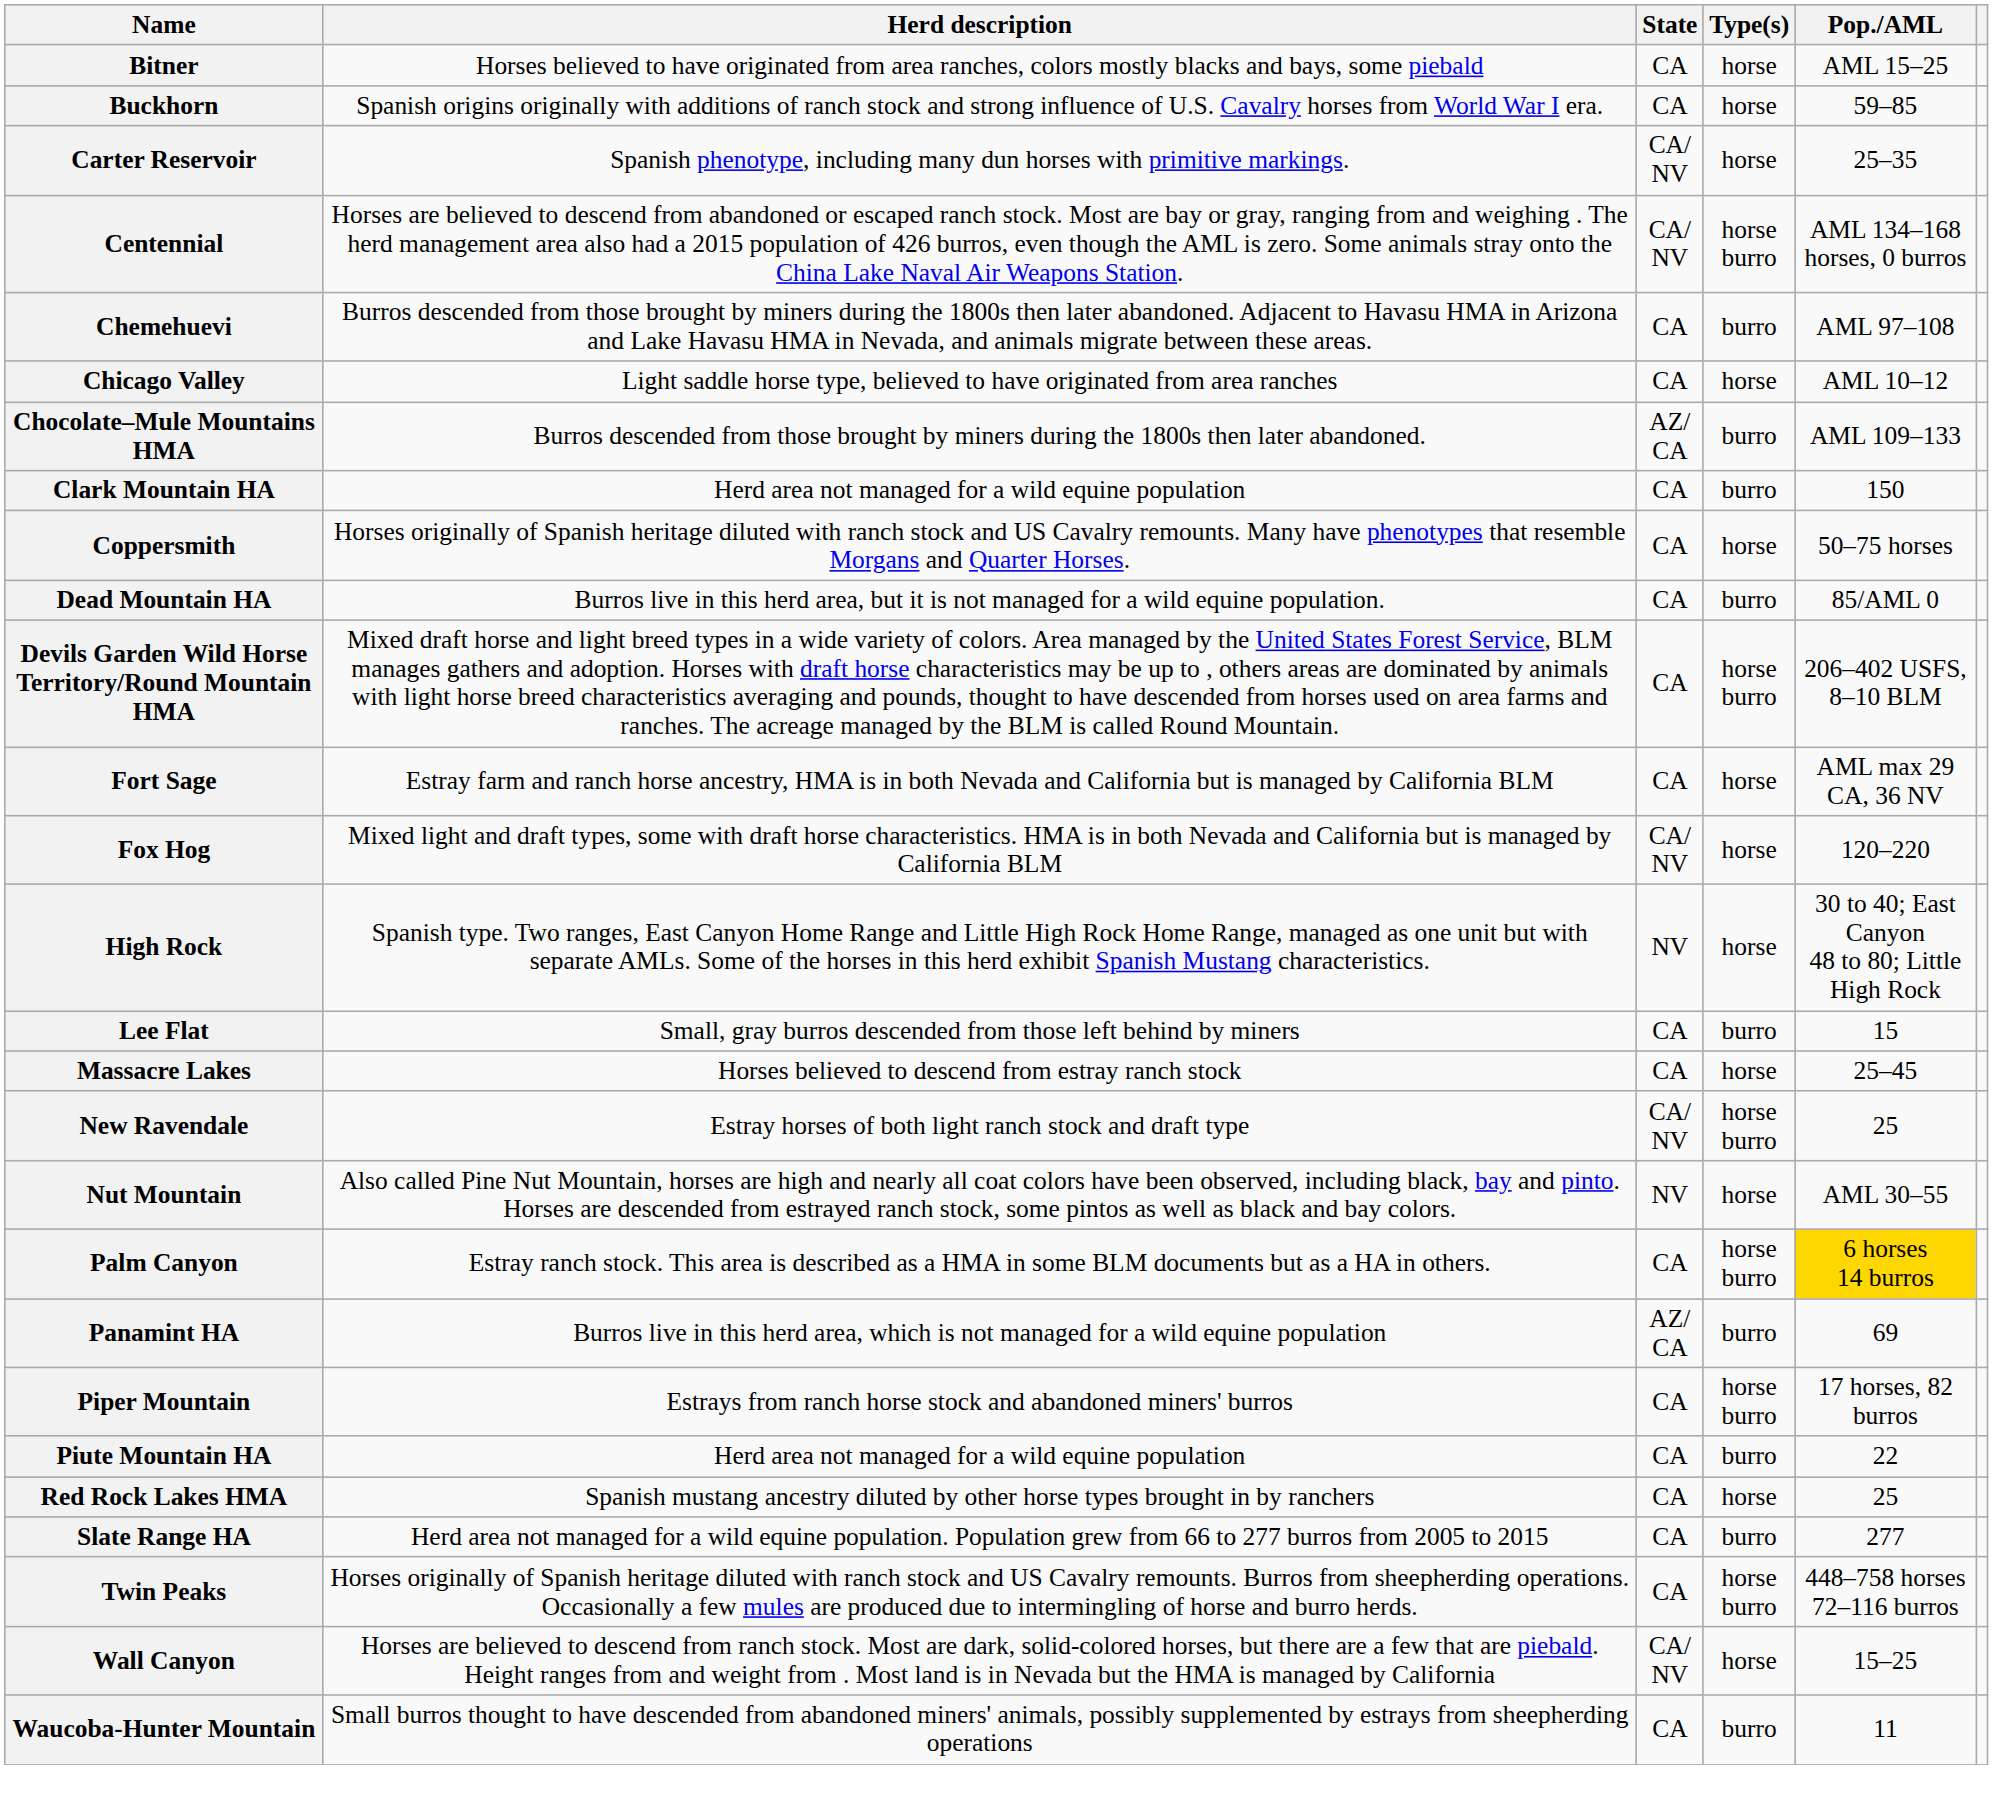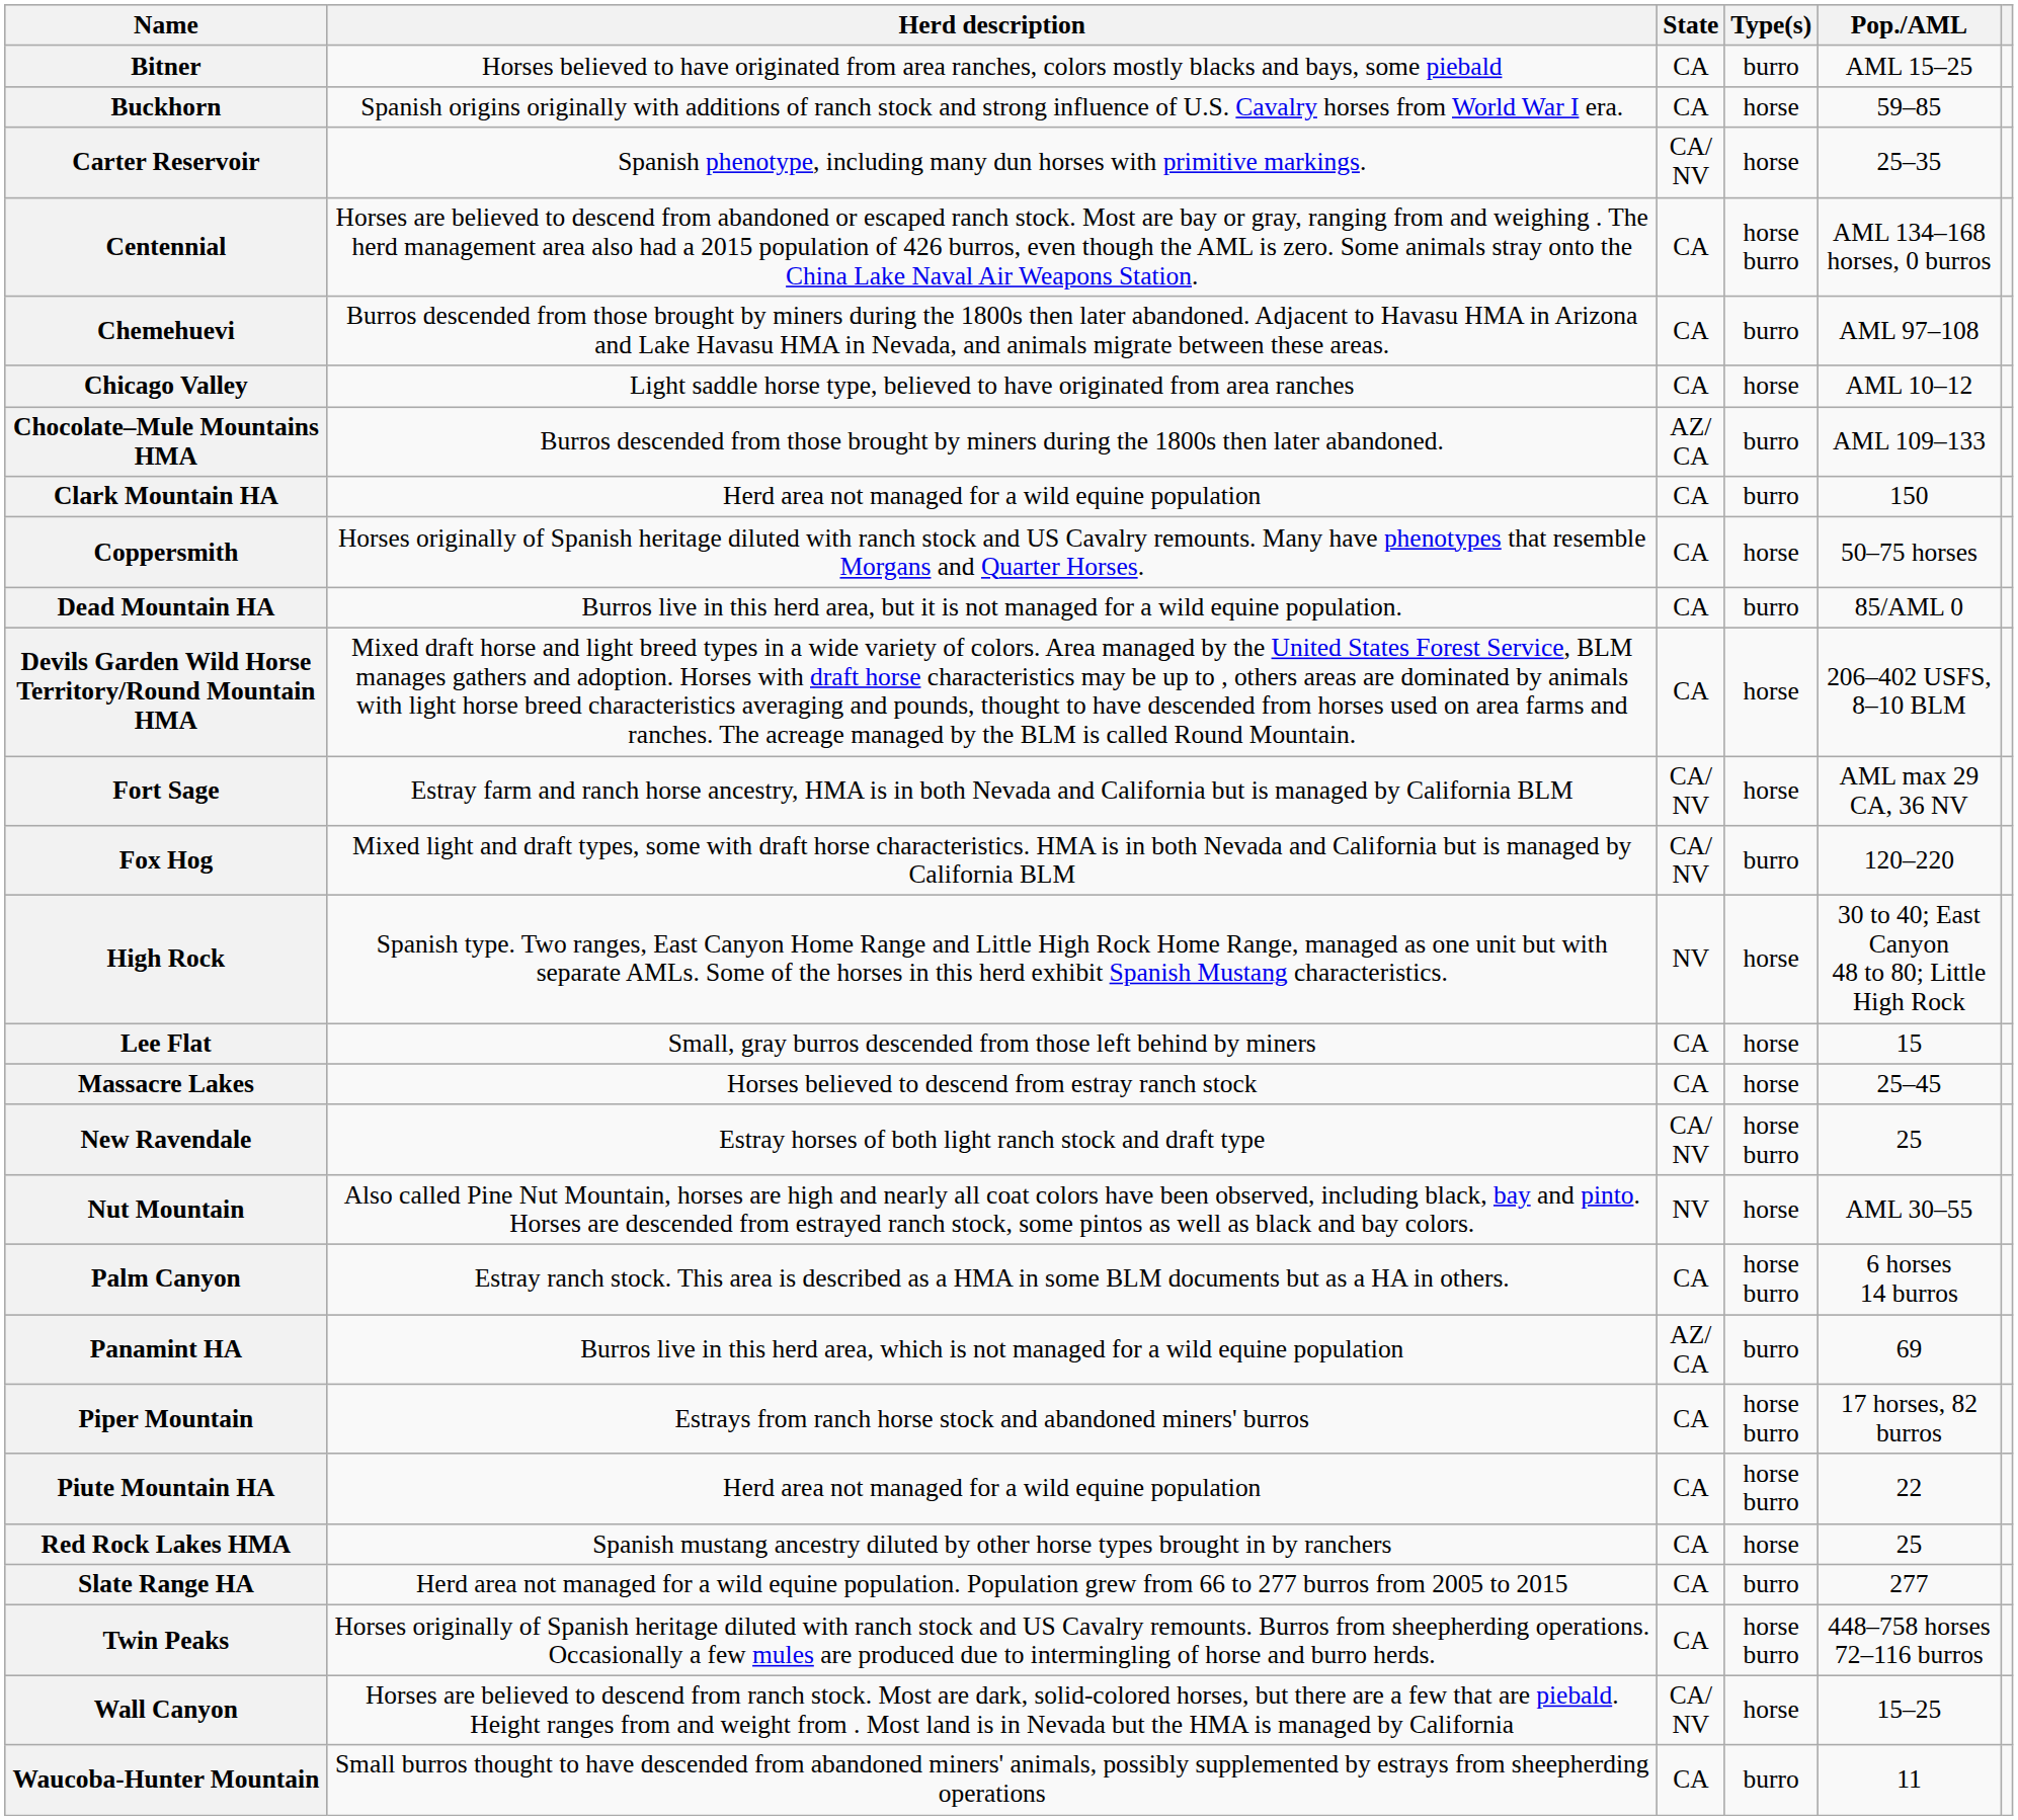 <table class = "wikitable sortable" style="text-align:center;">
 <tr>
 <th scope="col">Name</th>
 <th scope="col" class="unsortable">Herd description</th>
 <th scope="col" class="unsortable">State</th>
 <th scope="col">Type(s)</th>
 <th scope="col">Pop./AML</th>
 <th scope="col" class="unsortable"></th>
 </tr>
 <tr>
 <th scope="row">Bitner</th>
 <td>Horses believed to have originated from area ranches,  colors mostly blacks and bays, some <a href='#'>piebald</a></td>
 <td>CA</td>
-<td>horse</td>
+<td>burro</td>
 <td>AML 15–25</td>
 <td><br></td>
 </tr>
 <tr>
 <th scope="row">Buckhorn</th>
 <td>Spanish origins originally with additions of ranch stock and strong influence of U.S. <a href='#'>Cavalry</a> horses from <a href='#'>World War I</a> era.</td>
 <td>CA</td>
 <td>horse</td>
 <td>59–85</td>
 <td></td>
 </tr>
 <tr>
 <th scope="row">Carter Reservoir</th>
 <td>Spanish <a href='#'>phenotype</a>, including many dun horses with <a href='#'>primitive markings</a>.</td>
 <td>CA/<br>NV</td>
 <td>horse</td>
 <td>25–35</td>
 <td></td>
 </tr>
 <tr>
 <th scope="row">Centennial</th>
 <td>Horses are believed to descend from abandoned or escaped ranch stock.  Most are bay or gray, ranging from  and weighing . The herd management area also had a 2015 population of 426 burros, even though the AML is zero.  Some animals stray onto the <a href='#'>China Lake Naval Air Weapons Station</a>.</td>
-<td>CA/<br>NV</td>
+<td>CA</td>
 <td>horse<br>burro</td>
 <td>AML 134–168 horses, 0 burros</td>
 <td><br></td>
 </tr>
 <tr>
 <th scope="row">Chemehuevi</th>
 <td>Burros descended from those brought by miners during the 1800s then later abandoned. Adjacent to Havasu HMA in Arizona and Lake Havasu HMA in Nevada, and animals migrate between these areas.</td>
 <td>CA</td>
 <td>burro</td>
 <td>AML 97–108</td>
 <td><br><br></td>
 </tr>
 <tr>
 <th scope="row">Chicago Valley</th>
 <td>Light saddle horse type, believed to have originated from area ranches</td>
 <td>CA</td>
 <td>horse</td>
 <td>AML 10–12</td>
 <td><br></td>
 </tr>
 <tr>
 <th scope="row">Chocolate–Mule Mountains HMA</th>
 <td>Burros descended from those brought by miners during the 1800s then later abandoned.</td>
 <td>AZ/<br>CA</td>
 <td>burro</td>
 <td>AML 109–133</td>
 <td><br></td>
 </tr>
 <tr>
 <th scope="row">Clark Mountain HA</th>
 <td>Herd area not managed for a wild equine population</td>
 <td>CA</td>
 <td>burro</td>
 <td>150</td>
 <td></td>
 </tr>
 <tr>
 <th scope="row">Coppersmith</th>
 <td>Horses originally of Spanish heritage diluted with ranch stock and US Cavalry remounts.  Many have <a href='#'>phenotypes</a> that resemble <a href='#'>Morgans</a> and <a href='#'>Quarter Horses</a>.</td>
 <td>CA</td>
 <td>horse</td>
 <td>50–75 horses</td>
 <td><br></td>
 </tr>
 <tr>
 <th scope="row">Dead Mountain HA</th>
 <td>Burros live in this herd area, but it is not managed for a wild equine population.</td>
 <td>CA</td>
 <td>burro</td>
 <td>85/AML 0</td>
 <td></td>
 </tr>
 <tr>
 <th scope="row">Devils Garden Wild Horse Territory/Round Mountain HMA</th>
 <td>Mixed draft horse and light breed types in a wide variety of colors. Area managed by the <a href='#'>United States Forest Service</a>, BLM manages gathers and adoption.  Horses with <a href='#'>draft horse</a> characteristics may be up to , others areas are dominated by animals with light horse breed characteristics averaging  and  pounds, thought to have descended from horses used on area farms and ranches. The acreage managed by the BLM is called Round Mountain.</td>
 <td>CA</td>
-<td>horse<br>burro</td>
+<td>horse</td>
 <td>206–402 USFS, 8–10 BLM</td>
 <td><br><br><br><br></td>
 </tr>
 <tr>
 <th scope="row">Fort Sage</th>
 <td>Estray farm and ranch horse ancestry, HMA is in both Nevada and California but is managed by California BLM</td>
-<td>CA</td>
+<td>CA/<br>NV</td>
 <td>horse</td>
 <td>AML max 29 CA, 36 NV</td>
 <td><br></td>
 </tr>
 <tr>
 <th scope="row">Fox Hog</th>
 <td>Mixed light and draft types, some with draft horse characteristics. HMA is in both Nevada and California but is managed by California BLM</td>
 <td>CA/<br>NV</td>
-<td>horse</td>
+<td>burro</td>
 <td>120–220</td>
 <td><br></td>
 </tr>
 <tr>
 <th scope="row">High Rock</th>
 <td>Spanish type. Two ranges, East Canyon Home Range and Little High Rock Home Range, managed as one unit but with separate AMLs.  Some of the horses in this herd exhibit <a href='#'>Spanish Mustang</a> characteristics.</td>
 <td>NV</td>
 <td>horse</td>
 <td>30 to 40; East Canyon<br>48 to 80; Little High Rock</td>
 <td></td>
 </tr>
 <tr>
 <th scope="row">Lee Flat</th>
 <td>Small, gray burros descended from those left behind by miners</td>
 <td>CA</td>
-<td>burro</td>
+<td>horse</td>
 <td>15</td>
 <td></td>
 </tr>
 <tr>
 <th scope="row">Massacre Lakes</th>
 <td>Horses believed to descend from estray ranch stock</td>
 <td>CA</td>
 <td>horse</td>
 <td>25–45</td>
 <td><br></td>
 </tr>
 <tr>
 <th scope="row">New Ravendale</th>
 <td>Estray horses of both light ranch stock and draft type</td>
 <td>CA/<br>NV</td>
 <td>horse<br>burro</td>
 <td>25</td>
 <td></td>
 </tr>
 <tr>
 <th scope="row">Nut Mountain</th>
 <td>Also called Pine Nut Mountain, horses are  high and nearly all coat colors have been observed, including black, <a href='#'>bay</a> and <a href='#'>pinto</a>. Horses are descended from estrayed ranch stock, some pintos as well as black and bay colors.</td>
 <td>NV</td>
 <td>horse</td>
 <td>AML 30–55</td>
 <td><br><br></td>
 </tr>
 <tr>
 <th scope="row">Palm Canyon</th>
 <td>Estray ranch stock.  This area is described as a HMA in some BLM documents but as a HA in others.</td>
 <td>CA</td>
 <td>horse<br>burro</td>
-<td style="background: gold;">6 horses<br>14 burros</td>
+<td>6 horses<br>14 burros</td>
 <td><br></td>
 </tr>
 <tr>
 <th scope="row">Panamint HA</th>
 <td>Burros live in this herd area, which is not managed for a wild equine population</td>
 <td>AZ/<br>CA</td>
 <td>burro</td>
 <td>69</td>
 <td></td>
 </tr>
 <tr>
 <th scope="row">Piper Mountain</th>
 <td>Estrays from ranch horse stock and abandoned miners' burros</td>
 <td>CA</td>
 <td>horse<br>burro</td>
 <td>17 horses, 82 burros</td>
 <td></td>
 </tr>
 <tr>
 <th scope="row">Piute Mountain HA</th>
 <td>Herd area not managed for a wild equine population</td>
 <td>CA</td>
-<td>burro</td>
+<td>horse<br>burro</td>
 <td>22</td>
 <td></td>
 </tr>
 <tr>
 <th scope="row">Red Rock Lakes HMA</th>
 <td>Spanish mustang ancestry diluted by other horse types brought in by ranchers</td>
 <td>CA</td>
 <td>horse</td>
 <td>25</td>
 <td></td>
 </tr>
 <tr>
 <th scope="row">Slate Range HA</th>
 <td>Herd area not managed for a wild equine population.  Population grew from 66 to 277 burros from 2005 to 2015</td>
 <td>CA</td>
 <td>burro</td>
 <td>277</td>
 <td><br></td>
 </tr>
 <tr>
 <th scope="row">Twin Peaks</th>
 <td>Horses originally of Spanish heritage diluted with ranch stock and US Cavalry remounts.  Burros from sheepherding operations.  Occasionally a few <a href='#'>mules</a> are produced due to intermingling of horse and burro herds.</td>
 <td>CA</td>
 <td>horse<br>burro</td>
 <td>448–758 horses<br> 72–116 burros</td>
 <td></td>
 </tr>
 <tr>
 <th scope="row">Wall Canyon</th>
 <td>Horses are believed to descend from ranch stock. Most are dark, solid-colored horses, but there are a few that are <a href='#'>piebald</a>.  Height ranges from  and weight from . Most land is in Nevada but the HMA is managed by California</td>
 <td>CA/<br>NV</td>
 <td>horse</td>
 <td>15–25</td>
 <td><br></td>
 </tr>
 <tr>
 <th scope="row">Waucoba-Hunter Mountain</th>
 <td>Small burros thought to have descended from abandoned miners' animals, possibly supplemented by estrays from sheepherding operations</td>
 <td>CA</td>
 <td>burro</td>
 <td>11</td>
 <td></td>
 </tr>
 </table>
